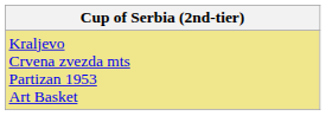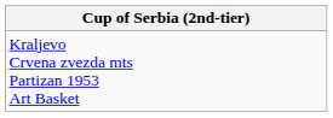 <table class=wikitable width=20%>
 <tr>
 <th width=13%>Cup of Serbia (2nd-tier)</th>
 </tr>
 <tr valign=top>
-<td style="background: khaki;"><a href='#'>Kraljevo</a><br><a href='#'>Crvena zvezda mts</a><br><a href='#'>Partizan 1953</a><br><a href='#'>Art Basket</a></td>
+<td><a href='#'>Kraljevo</a><br><a href='#'>Crvena zvezda mts</a><br><a href='#'>Partizan 1953</a><br><a href='#'>Art Basket</a></td>
 </tr>
 </table>
